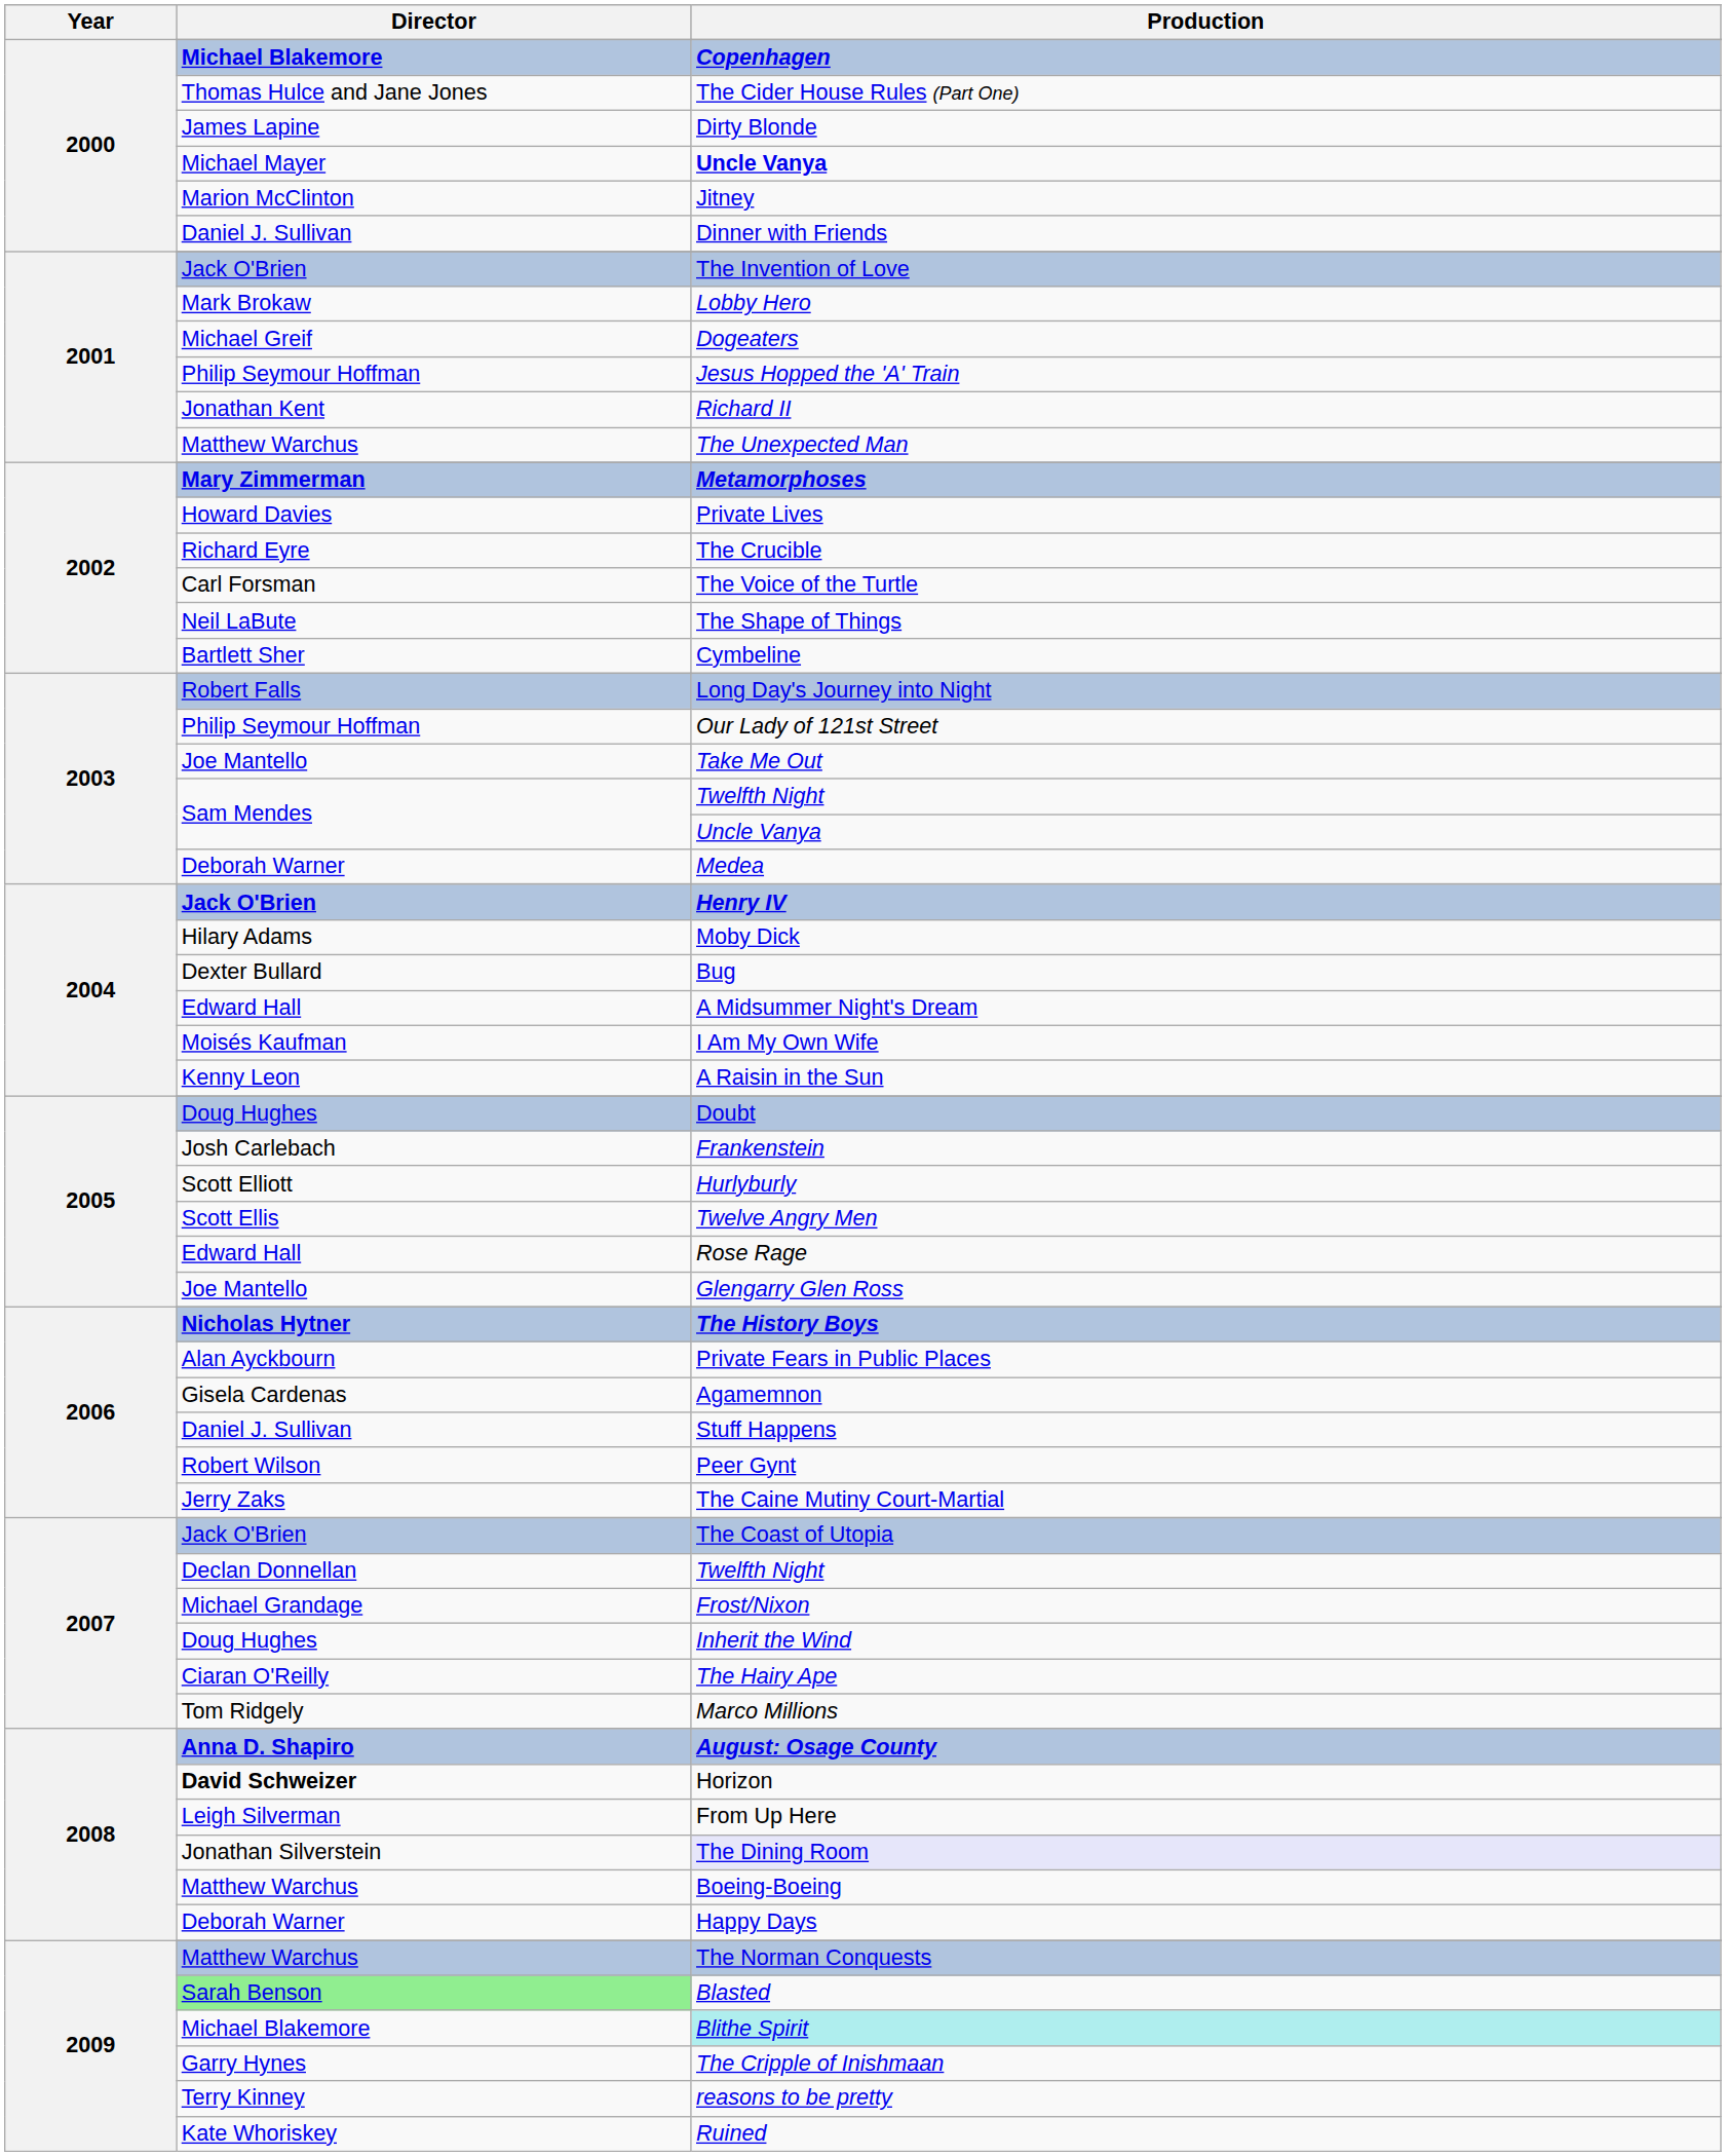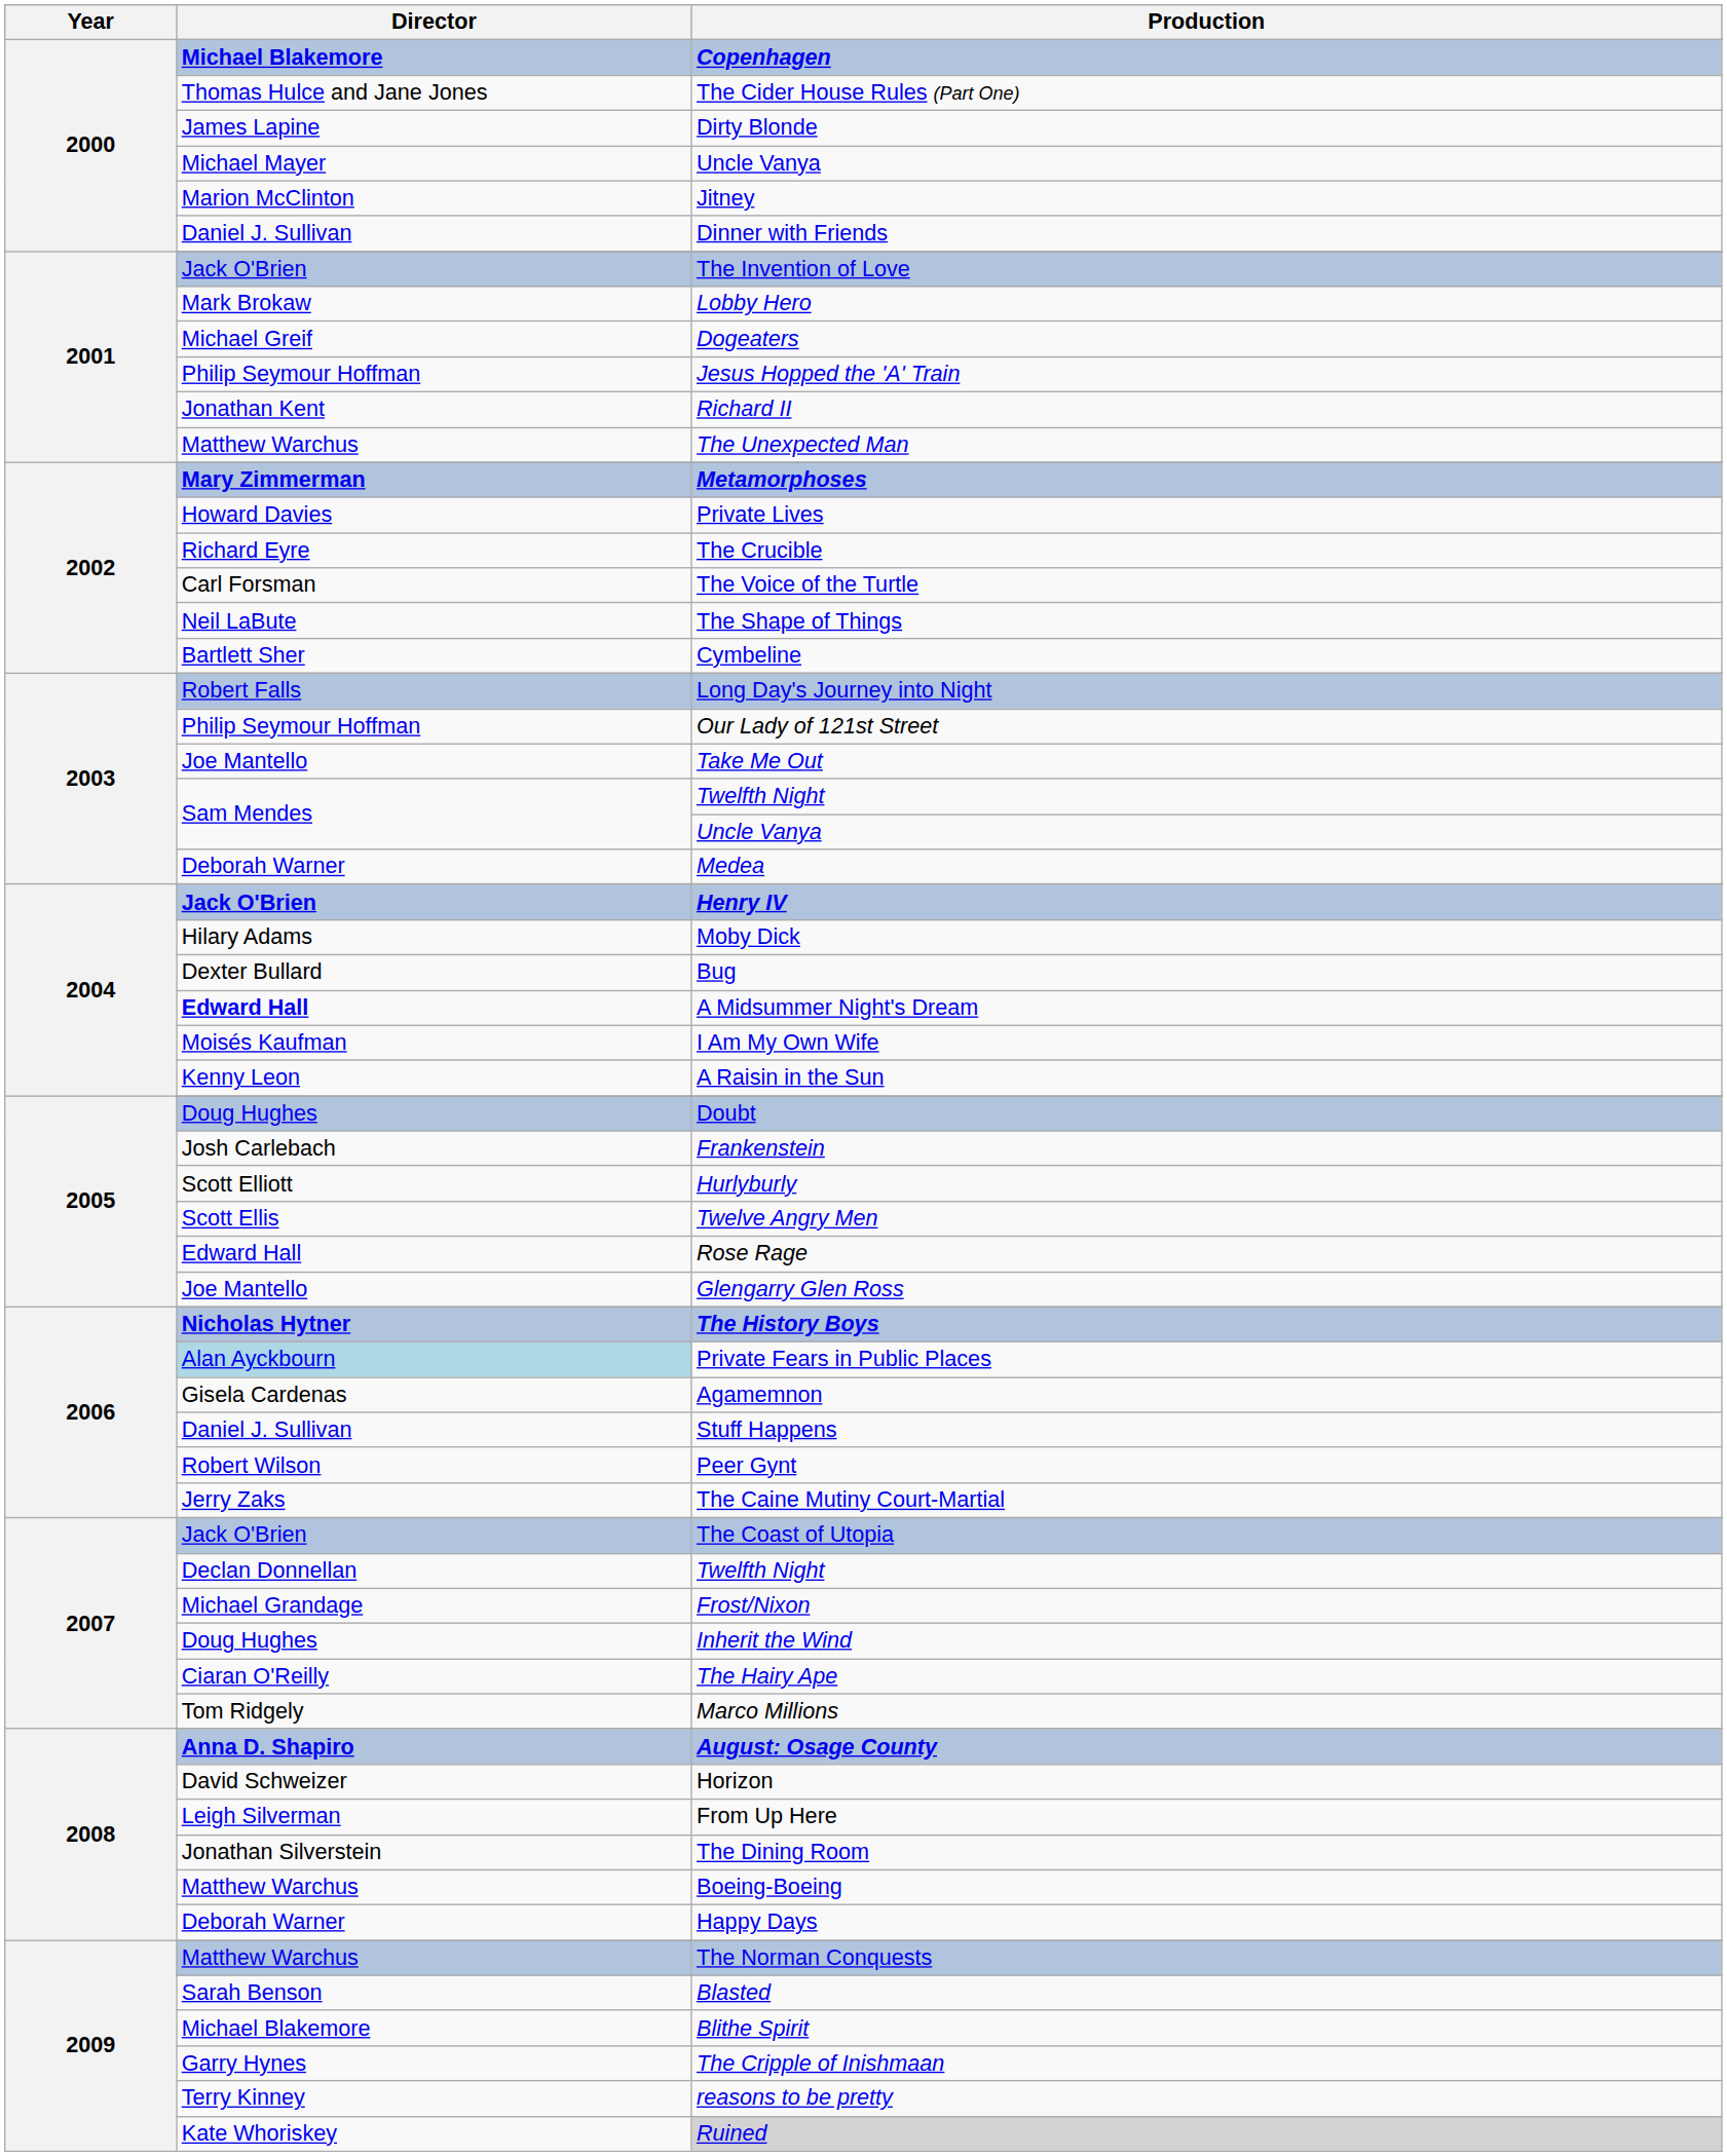 <table class="wikitable" style="width:98%;">
 <tr style="background:#bebebe;">
 <th style="width:10%;">Year</th>
 <th style="width:30%;">Director</th>
 <th style="width:60%;">Production</th>
 </tr>
 <tr>
 <th rowspan="7" align="center">2000</th>
 </tr>
 <tr style="background:#B0C4DE">
 <td><strong><a href='#'>Michael Blakemore</a></strong></td>
 <td><strong><em><a href='#'>Copenhagen</a><em> <strong></td>
 </tr>
 <tr>
 <td><a href='#'>Thomas Hulce</a> and Jane Jones</td>
 <td></em><a href='#'>The Cider House Rules</a><em> <small>(Part One)</small></td>
 </tr>
 <tr>
 <td><a href='#'>James Lapine</a></td>
 <td></em><a href='#'>Dirty Blonde</a><em></td>
 </tr>
 <tr>
 <td><a href='#'>Michael Mayer</a></td>
-<td><strong></em><a href='#'>Uncle Vanya</a><em></strong></td>
+<td></em><a href='#'>Uncle Vanya</a><em></td>
 </tr>
 <tr>
 <td><a href='#'>Marion McClinton</a></td>
 <td></em><a href='#'>Jitney</a><em></td>
 </tr>
 <tr>
 <td><a href='#'>Daniel J. Sullivan</a></td>
 <td></em><a href='#'>Dinner with Friends</a><em></td>
 </tr>
 <tr>
 <th rowspan="7" align="center">2001</th>
 </tr>
 <tr style="background:#B0C4DE">
 <td></strong><a href='#'>Jack O'Brien</a><strong></td>
 <td></em></strong><a href='#'>The Invention of Love</a></em> </strong></td>
 </tr>
 <tr>
 <td><a href='#'>Mark Brokaw</a></td>
 <td><em><a href='#'>Lobby Hero</a></em></td>
 </tr>
 <tr>
 <td><a href='#'>Michael Greif</a></td>
 <td><em><a href='#'>Dogeaters</a></em></td>
 </tr>
 <tr>
 <td><a href='#'>Philip Seymour Hoffman</a></td>
 <td><em><a href='#'>Jesus Hopped the 'A' Train</a></em></td>
 </tr>
 <tr>
 <td><a href='#'>Jonathan Kent</a></td>
 <td><em><a href='#'>Richard II</a></em></td>
 </tr>
 <tr>
 <td><a href='#'>Matthew Warchus</a></td>
 <td><em><a href='#'>The Unexpected Man</a></em></td>
 </tr>
 <tr>
 <th rowspan="7" align="center">2002</th>
 </tr>
 <tr style="background:#B0C4DE">
 <td><strong><a href='#'>Mary Zimmerman</a></strong></td>
 <td><strong><em><a href='#'>Metamorphoses</a><em> <strong></td>
 </tr>
 <tr>
 <td><a href='#'>Howard Davies</a></td>
 <td></em><a href='#'>Private Lives</a><em></td>
 </tr>
 <tr>
 <td><a href='#'>Richard Eyre</a></td>
 <td></em><a href='#'>The Crucible</a><em></td>
 </tr>
 <tr>
 <td>Carl Forsman</td>
 <td></em><a href='#'>The Voice of the Turtle</a><em></td>
 </tr>
 <tr>
 <td><a href='#'>Neil LaBute</a></td>
 <td></em><a href='#'>The Shape of Things</a><em></td>
 </tr>
 <tr>
 <td><a href='#'>Bartlett Sher</a></td>
 <td></em><a href='#'>Cymbeline</a><em></td>
 </tr>
 <tr>
 <th rowspan="7" align="center">2003</th>
 </tr>
 <tr style="background:#B0C4DE">
 <td></strong><a href='#'>Robert Falls</a><strong></td>
 <td></em></strong><a href='#'>Long Day's Journey into Night</a></em> </strong></td>
 </tr>
 <tr>
 <td><a href='#'>Philip Seymour Hoffman</a></td>
 <td><em>Our Lady of 121st Street</em></td>
 </tr>
 <tr>
 <td><a href='#'>Joe Mantello</a></td>
 <td><em><a href='#'>Take Me Out</a></em></td>
 </tr>
 <tr>
 <td rowspan="2"><a href='#'>Sam Mendes</a></td>
 <td><em><a href='#'>Twelfth Night</a></em></td>
 </tr>
 <tr>
 <td><em><a href='#'>Uncle Vanya</a></em></td>
 </tr>
 <tr>
 <td><a href='#'>Deborah Warner</a></td>
 <td><em><a href='#'>Medea</a></em></td>
 </tr>
 <tr>
 <th rowspan="7" align="center">2004</th>
 </tr>
 <tr style="background:#B0C4DE">
 <td><strong><a href='#'>Jack O'Brien</a></strong></td>
 <td><strong><em><a href='#'>Henry IV</a><em> <strong></td>
 </tr>
 <tr>
 <td>Hilary Adams</td>
 <td></em><a href='#'>Moby Dick</a><em></td>
 </tr>
 <tr>
 <td>Dexter Bullard</td>
 <td></em><a href='#'>Bug</a><em></td>
 </tr>
 <tr>
-<td><a href='#'>Edward Hall</a></td>
+<td><strong><a href='#'>Edward Hall</a></strong></td>
 <td></em><a href='#'>A Midsummer Night's Dream</a><em></td>
 </tr>
 <tr>
 <td><a href='#'>Moisés Kaufman</a></td>
 <td></em><a href='#'>I Am My Own Wife</a><em></td>
 </tr>
 <tr>
 <td><a href='#'>Kenny Leon</a></td>
 <td></em><a href='#'>A Raisin in the Sun</a><em></td>
 </tr>
 <tr>
 <th rowspan="7" align="center">2005</th>
 </tr>
 <tr style="background:#B0C4DE">
 <td></strong><a href='#'>Doug Hughes</a><strong></td>
 <td></em></strong><a href='#'>Doubt</a></em> </strong></td>
 </tr>
 <tr>
 <td>Josh Carlebach</td>
 <td><em><a href='#'>Frankenstein</a></em></td>
 </tr>
 <tr>
 <td>Scott Elliott</td>
 <td><em><a href='#'>Hurlyburly</a></em></td>
 </tr>
 <tr>
 <td><a href='#'>Scott Ellis</a></td>
 <td><em><a href='#'>Twelve Angry Men</a></em></td>
 </tr>
 <tr>
 <td><a href='#'>Edward Hall</a></td>
 <td><em>Rose Rage</em></td>
 </tr>
 <tr>
 <td><a href='#'>Joe Mantello</a></td>
 <td><em><a href='#'>Glengarry Glen Ross</a></em></td>
 </tr>
 <tr>
 <th rowspan="7" align="center">2006</th>
 </tr>
 <tr style="background:#B0C4DE">
 <td><strong><a href='#'>Nicholas Hytner</a></strong></td>
 <td><strong><em><a href='#'>The History Boys</a><em> <strong></td>
 </tr>
 <tr>
-<td><a href='#'>Alan Ayckbourn</a></td>
+<td style="background: lightblue;"><a href='#'>Alan Ayckbourn</a></td>
 <td></em><a href='#'>Private Fears in Public Places</a><em></td>
 </tr>
 <tr>
 <td>Gisela Cardenas</td>
 <td></em><a href='#'>Agamemnon</a><em></td>
 </tr>
 <tr>
 <td><a href='#'>Daniel J. Sullivan</a></td>
 <td></em><a href='#'>Stuff Happens</a><em></td>
 </tr>
 <tr>
 <td><a href='#'>Robert Wilson</a></td>
 <td></em><a href='#'>Peer Gynt</a><em></td>
 </tr>
 <tr>
 <td><a href='#'>Jerry Zaks</a></td>
 <td></em><a href='#'>The Caine Mutiny Court-Martial</a><em></td>
 </tr>
 <tr>
 <th rowspan="7" align="center">2007</th>
 </tr>
 <tr style="background:#B0C4DE">
 <td></strong><a href='#'>Jack O'Brien</a><strong></td>
 <td></em></strong><a href='#'>The Coast of Utopia</a></em> </strong></td>
 </tr>
 <tr>
 <td><a href='#'>Declan Donnellan</a></td>
 <td><em><a href='#'>Twelfth Night</a></em></td>
 </tr>
 <tr>
 <td><a href='#'>Michael Grandage</a></td>
 <td><em><a href='#'>Frost/Nixon</a></em></td>
 </tr>
 <tr>
 <td><a href='#'>Doug Hughes</a></td>
 <td><em><a href='#'>Inherit the Wind</a></em></td>
 </tr>
 <tr>
 <td><a href='#'>Ciaran O'Reilly</a></td>
 <td><em><a href='#'>The Hairy Ape</a></em></td>
 </tr>
 <tr>
 <td>Tom Ridgely</td>
 <td><em>Marco Millions</em></td>
 </tr>
 <tr>
 <th rowspan="7" align="center">2008</th>
 </tr>
 <tr style="background:#B0C4DE">
 <td><strong><a href='#'>Anna D. Shapiro</a></strong></td>
 <td><strong><em><a href='#'>August: Osage County</a><em> <strong></td>
 </tr>
 <tr>
-<td><strong>David Schweizer</strong></td>
+<td>David Schweizer</td>
 <td></em>Horizon<em></td>
 </tr>
 <tr>
 <td><a href='#'>Leigh Silverman</a></td>
 <td></em>From Up Here<em></td>
 </tr>
 <tr>
 <td>Jonathan Silverstein</td>
-<td style="background: lavender;"></em><a href='#'>The Dining Room</a><em></td>
+<td></em><a href='#'>The Dining Room</a><em></td>
 </tr>
 <tr>
 <td><a href='#'>Matthew Warchus</a></td>
 <td></em><a href='#'>Boeing-Boeing</a><em></td>
 </tr>
 <tr>
 <td><a href='#'>Deborah Warner</a></td>
 <td></em><a href='#'>Happy Days</a><em></td>
 </tr>
 <tr>
 <th rowspan="7" align="center">2009</th>
 </tr>
 <tr style="background:#B0C4DE">
 <td></strong><a href='#'>Matthew Warchus</a><strong></td>
 <td></em></strong><a href='#'>The Norman Conquests</a></em> </strong></td>
 </tr>
 <tr>
-<td style="background: lightgreen;"><a href='#'>Sarah Benson</a></td>
+<td><a href='#'>Sarah Benson</a></td>
 <td><em><a href='#'>Blasted</a></em></td>
 </tr>
 <tr>
 <td><a href='#'>Michael Blakemore</a></td>
-<td style="background: paleturquoise;"><em><a href='#'>Blithe Spirit</a></em></td>
+<td><em><a href='#'>Blithe Spirit</a></em></td>
 </tr>
 <tr>
 <td><a href='#'>Garry Hynes</a></td>
 <td><em><a href='#'>The Cripple of Inishmaan</a></em></td>
 </tr>
 <tr>
 <td><a href='#'>Terry Kinney</a></td>
 <td><em><a href='#'>reasons to be pretty</a></em></td>
 </tr>
 <tr>
 <td><a href='#'>Kate Whoriskey</a></td>
-<td><em><a href='#'>Ruined</a></em></td>
+<td style="background: lightgrey;"><em><a href='#'>Ruined</a></em></td>
 </tr>
 </table>
